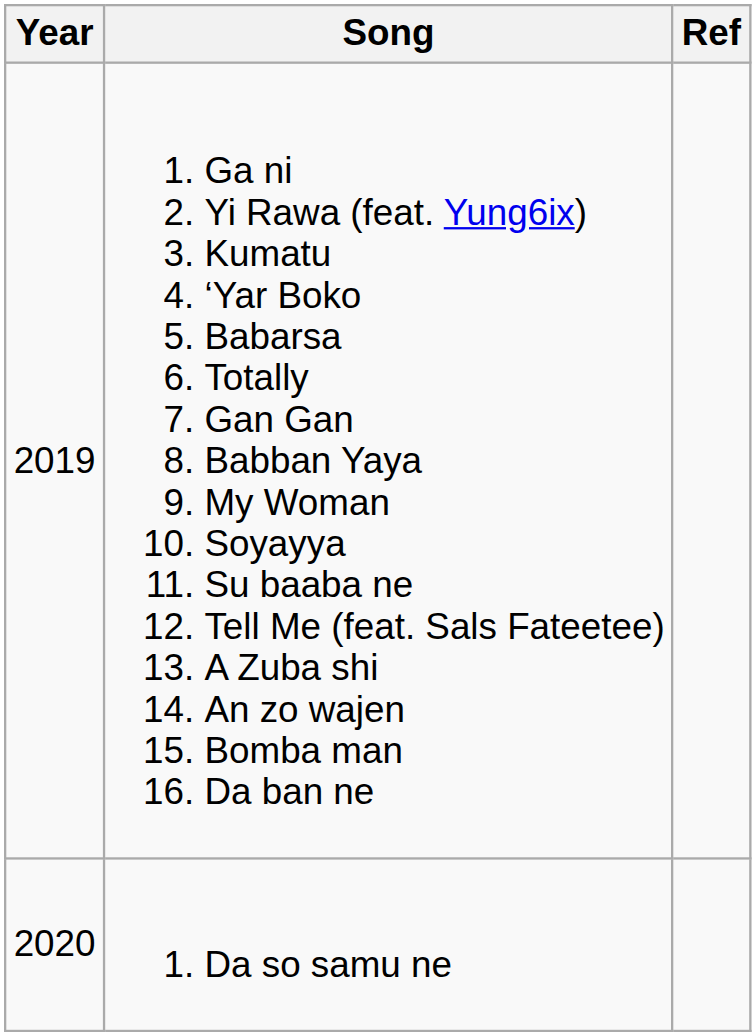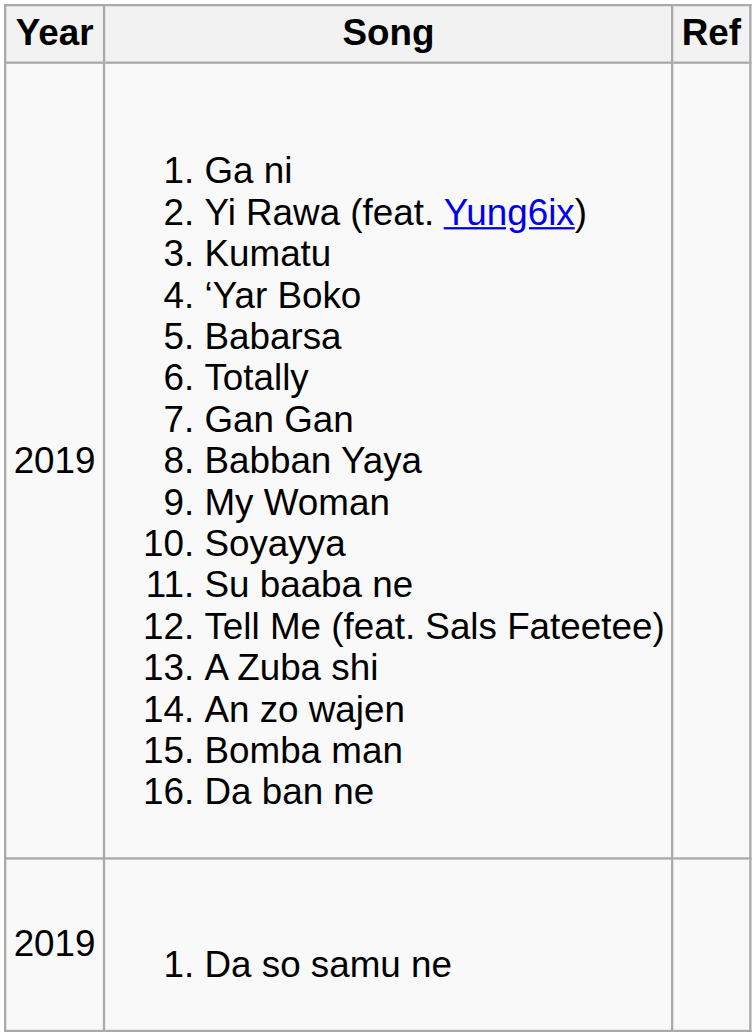 <table class="wikitable sortable mw-collapsible">
 <tr>
 <th>Year</th>
 <th>Song</th>
 <th>Ref</th>
 </tr>
 <tr>
 <td>2019</td>
 <td><br><ol><li>Ga ni</li><li>Yi Rawa (feat. <a href='#'>Yung6ix</a>)</li><li>Kumatu</li><li>‘Yar Boko</li><li>Babarsa</li><li>Totally</li><li>Gan Gan</li><li>Babban Yaya</li><li>My Woman</li><li>Soyayya</li><li>Su baaba ne</li><li>Tell Me (feat. Sals Fateetee)</li><li>A Zuba shi</li><li>An zo wajen</li><li>Bomba man</li><li>Da ban ne</li></ol></td>
 <td></td>
 </tr>
 <tr>
-<td>2020</td>
+<td>2019</td>
 <td><br><ol><li>Da so samu ne</li></ol></td>
 <td></td>
 </tr>
 </table>
